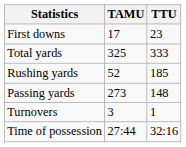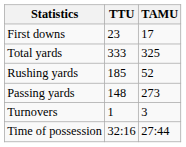 <table class="wikitable" style="float: left;">
 <tr>
 <th>Statistics</th>
+<th>TTU</th>
 <th>TAMU</th>
-<th>TTU</th>
 </tr>
 <tr>
 <td>First downs</td>
+<td>23</td>
 <td>17</td>
-<td>23</td>
 </tr>
 <tr>
 <td>Total yards</td>
+<td>333</td>
 <td>325</td>
-<td>333</td>
 </tr>
 <tr>
 <td>Rushing yards</td>
+<td>185</td>
 <td>52</td>
-<td>185</td>
 </tr>
 <tr>
 <td>Passing yards</td>
+<td>148</td>
 <td>273</td>
-<td>148</td>
 </tr>
 <tr>
 <td>Turnovers</td>
+<td>1</td>
 <td>3</td>
-<td>1</td>
 </tr>
 <tr>
 <td>Time of possession</td>
+<td>32:16</td>
 <td>27:44</td>
-<td>32:16</td>
 </tr>
 </table>
